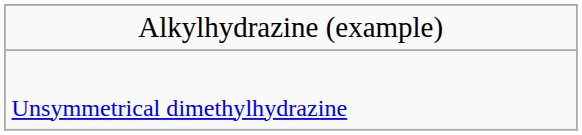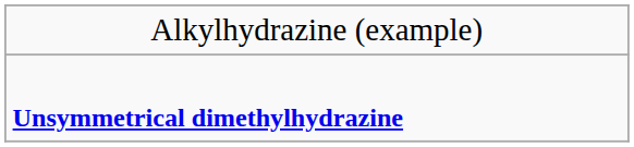 <table class="wikitable floatright" style="text-align:left" width="20%">
 <tr class="hintergrundfarbe6" align="center">
 <td>Alkylhydrazine (example)</td>
 </tr>
 <tr>
-<td><br><small><a href='#'>Unsymmetrical dimethylhydrazine</a></small></td>
+<td><strong><br><small><a href='#'>Unsymmetrical dimethylhydrazine</a></small></strong></td>
 </tr>
 </table>
